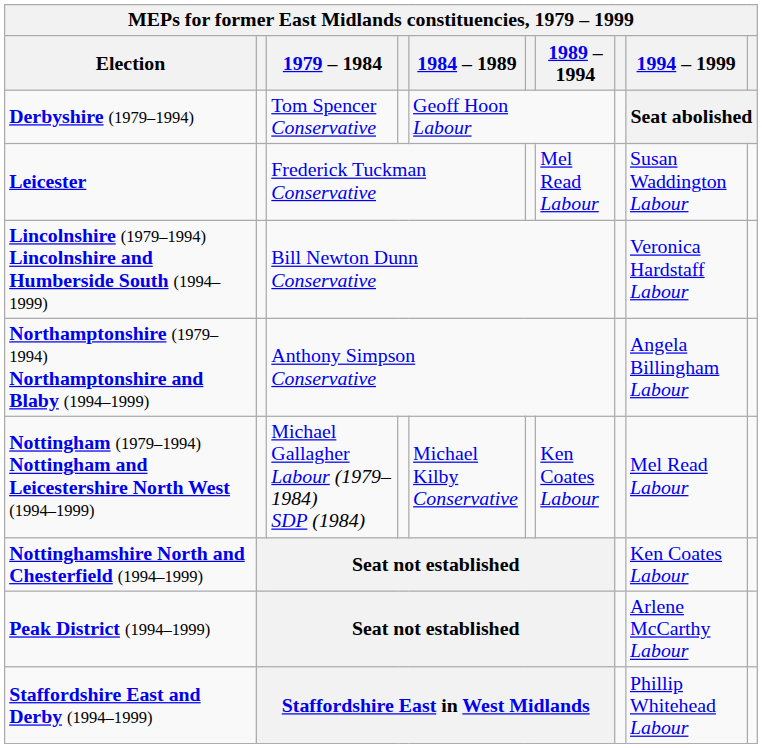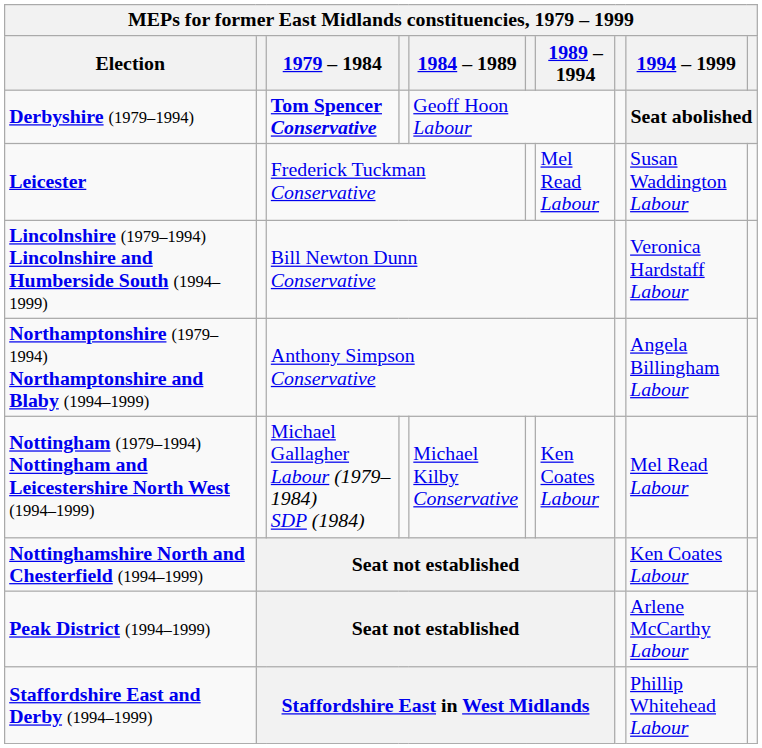 <table class="wikitable">
 <tr>
 <th colspan = 10>MEPs for former East Midlands constituencies, 1979 – 1999</th>
 </tr>
 <tr>
 <th>Election</th>
 <th style="width:1px;"></th>
 <th><a href='#'>1979</a> – 1984</th>
 <th style="width:1px;"></th>
 <th><a href='#'>1984</a> – 1989</th>
 <th style="width:1px;"></th>
 <th><a href='#'>1989</a> – 1994</th>
 <th style="width:1px;"></th>
 <th><a href='#'>1994</a> – 1999</th>
 <th style="width:1px;"></th>
 </tr>
 <tr>
 <td><strong><a href='#'>Derbyshire</a></strong> <small>(1979–1994)</small></td>
 <td width=1px style="background-color: "></td>
-<td><a href='#'>Tom Spencer</a><br><em><a href='#'>Conservative</a></em></td>
+<td><strong><a href='#'>Tom Spencer</a><br><em><a href='#'>Conservative</a></em></strong></td>
 <td width=1px style="background-color: "></td>
 <td colspan = 3><a href='#'>Geoff Hoon</a><br><em><a href='#'>Labour</a></em></td>
 <td width=1px style="background-color: "></td>
 <th colspan = 4>Seat abolished</th>
 </tr>
 <tr>
 <td><strong><a href='#'>Leicester</a></strong></td>
 <td width=1px style="background-color: "></td>
 <td colspan = 3><a href='#'>Frederick Tuckman</a><br><em><a href='#'>Conservative</a></em></td>
 <td width=1px style="background-color: "></td>
 <td><a href='#'>Mel Read</a><br><em><a href='#'>Labour</a></em></td>
 <td width=1px style="background-color: "></td>
 <td><a href='#'>Susan Waddington</a><br><em><a href='#'>Labour</a></em></td>
 <td width=1px style="background-color: "></td>
 </tr>
 <tr>
 <td><strong><a href='#'>Lincolnshire</a></strong> <small>(1979–1994)</small><br><strong><a href='#'>Lincolnshire and Humberside South</a></strong> <small>(1994–1999)</small></td>
 <td width=1px style="background-color: "></td>
 <td colspan = 5><a href='#'>Bill Newton Dunn</a><br><em><a href='#'>Conservative</a></em></td>
 <td width=1px style="background-color: "></td>
 <td><a href='#'>Veronica Hardstaff</a><br><em><a href='#'>Labour</a></em></td>
 <td width=1px style="background-color: "></td>
 </tr>
 <tr>
 <td><strong><a href='#'>Northamptonshire</a></strong> <small>(1979–1994)</small><br><strong><a href='#'>Northamptonshire and Blaby</a></strong> <small>(1994–1999)</small></td>
 <td width=1px style="background-color: "></td>
 <td colspan = 5><a href='#'>Anthony Simpson</a><br><em><a href='#'>Conservative</a></em></td>
 <td width=1px style="background-color: "></td>
 <td><a href='#'>Angela Billingham</a><br><em><a href='#'>Labour</a></em></td>
 <td width=1px style="background-color: "></td>
 </tr>
 <tr>
 <td><strong><a href='#'>Nottingham</a></strong> <small>(1979–1994)</small><br><strong><a href='#'>Nottingham and Leicestershire North West</a></strong> <small>(1994–1999)</small></td>
 <td width=1px style="background-color: "></td>
 <td><a href='#'>Michael Gallagher</a><br><em><a href='#'>Labour</a> (1979–1984)<br><a href='#'>SDP</a> (1984)</em></td>
 <td width=1px style="background-color: "></td>
 <td><a href='#'>Michael Kilby</a><br><em><a href='#'>Conservative</a></em></td>
 <td width=1px style="background-color: "></td>
 <td><a href='#'>Ken Coates</a><br><em><a href='#'>Labour</a></em></td>
 <td width=1px style="background-color: "></td>
 <td><a href='#'>Mel Read</a><br><em><a href='#'>Labour</a></em></td>
 <td width=1px style="background-color: "></td>
 </tr>
 <tr>
 <td><strong><a href='#'>Nottinghamshire North and Chesterfield</a></strong> <small>(1994–1999)</small></td>
 <th colspan = 6>Seat not established</th>
 <td width=1px style="background-color: "></td>
 <td><a href='#'>Ken Coates</a><br><em><a href='#'>Labour</a></em></td>
 <td width=1px style="background-color: "></td>
 </tr>
 <tr>
 <td><strong><a href='#'>Peak District</a></strong> <small>(1994–1999)</small></td>
 <th colspan = 6>Seat not established</th>
 <td width=1px style="background-color: "></td>
 <td><a href='#'>Arlene McCarthy</a><br><em><a href='#'>Labour</a></em></td>
 <td width=1px style="background-color: "></td>
 </tr>
 <tr>
 <td><strong><a href='#'>Staffordshire East and Derby</a></strong> <small>(1994–1999)</small></td>
 <th colspan = 6><a href='#'>Staffordshire East</a> in <a href='#'>West Midlands</a></th>
 <td width=1px style="background-color: "></td>
 <td><a href='#'>Phillip Whitehead</a><br><em><a href='#'>Labour</a></em></td>
 <td width=1px style="background-color: "></td>
 </tr>
 </table>
